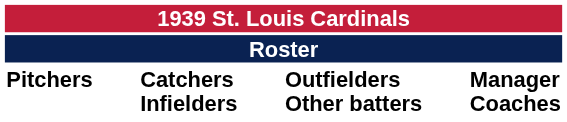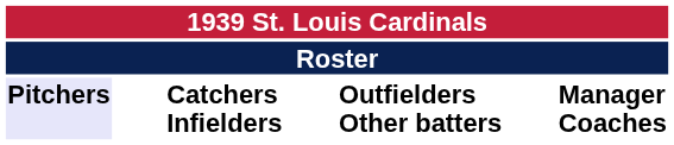 <table class="toccolours" style="font-size: 95%;">
 <tr>
 <th colspan="10" style="background-color: #c41e3a; color: white; text-align: center;">1939 St. Louis Cardinals</th>
 </tr>
 <tr>
 <td colspan="10" style="background-color: #0a2252; color: white; text-align: center;"><strong>Roster</strong></td>
 </tr>
 <tr>
-<td valign="top"><strong>Pitchers</strong><br>             </td>
+<td valign="top" style="background: lavender;"><strong>Pitchers</strong><br>             </td>
 <td width="25px"></td>
 <td valign="top"><strong>Catchers</strong><br>    <strong>Infielders</strong>          </td>
 <td width="25px"></td>
 <td valign="top"><strong>Outfielders</strong><br>     <strong>Other batters</strong>  </td>
 <td width="25px"></td>
 <td valign="top"><strong>Manager</strong><br> <strong>Coaches</strong>  </td>
 </tr>
 </table>
